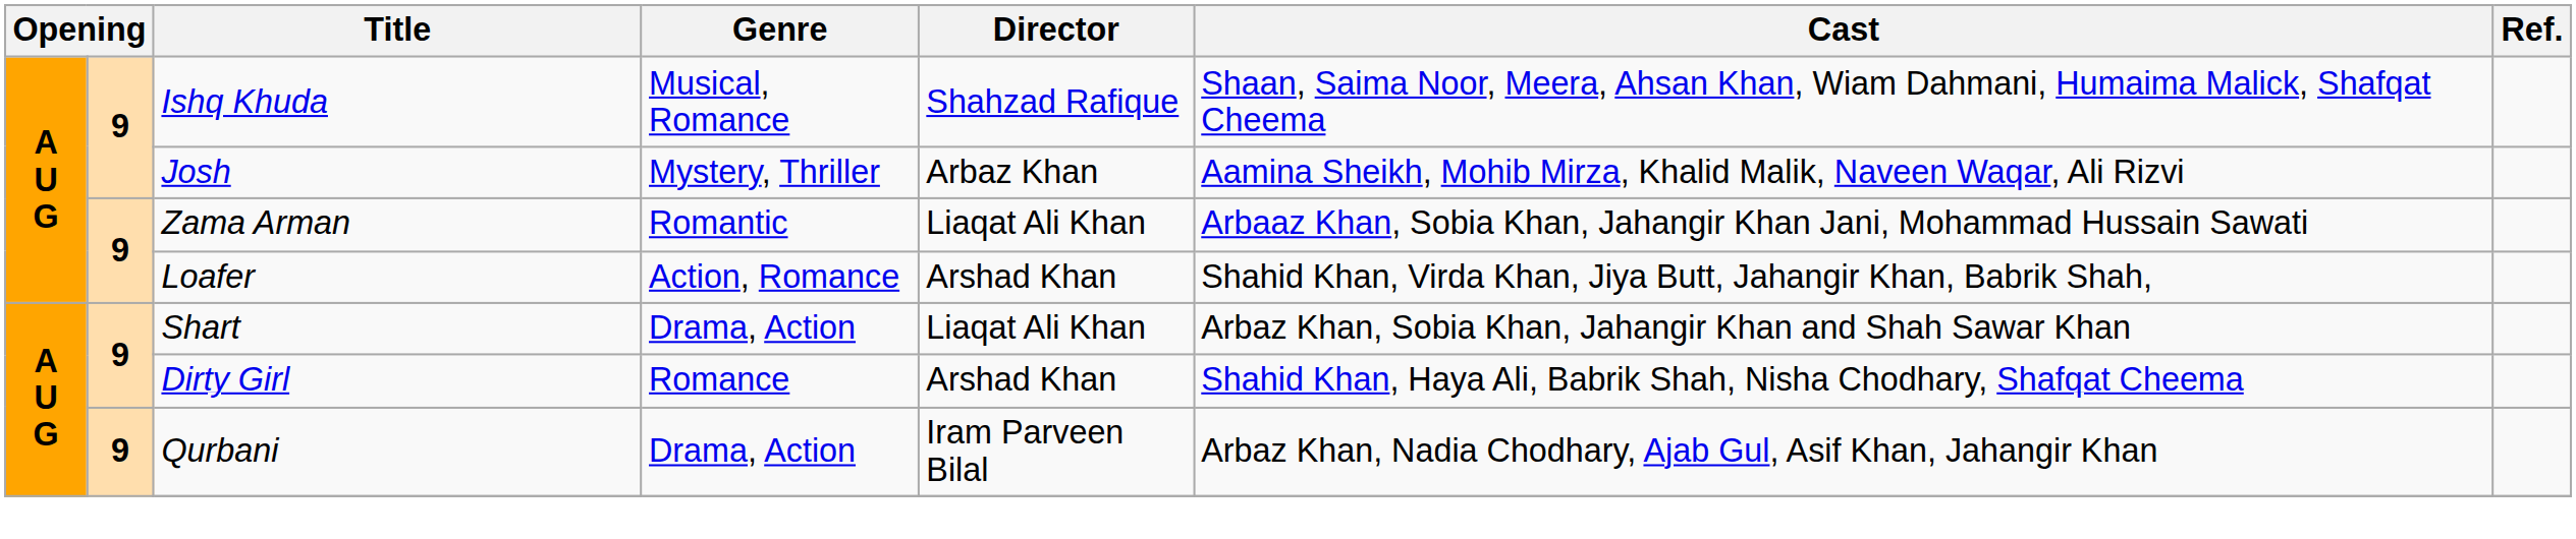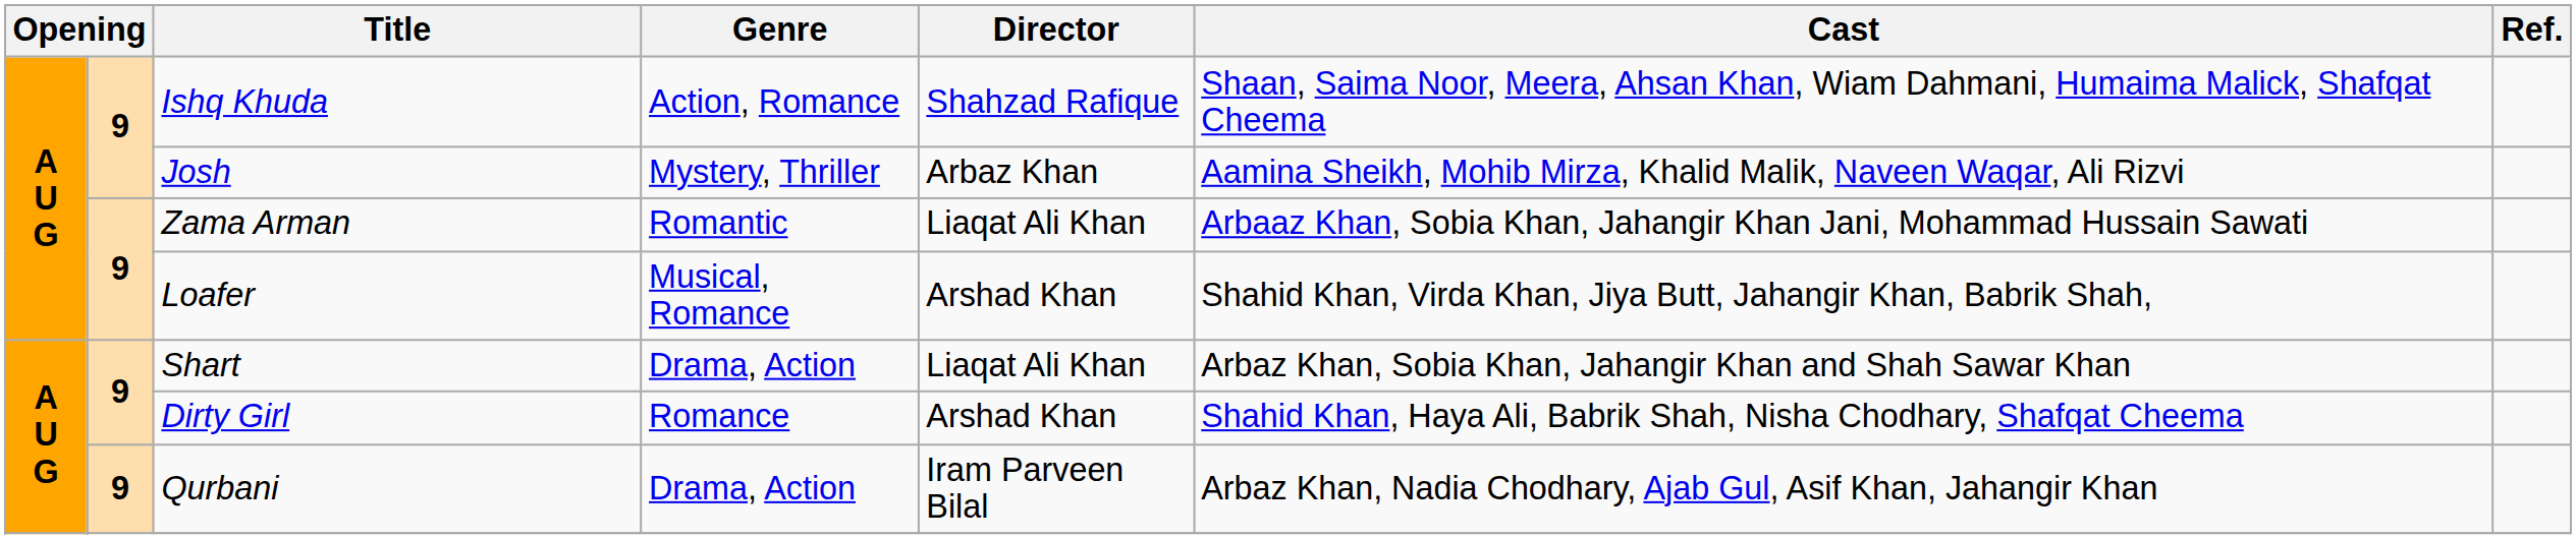 <table class="wikitable">
 <tr style="background:#b0e0e66; text-align:center;">
 <th colspan="2"><strong>Opening</strong></th>
 <th style="width:19%;"><strong>Title</strong></th>
 <th><strong>Genre</strong></th>
 <th><strong>Director</strong></th>
 <th><strong>Cast</strong></th>
 <th><strong>Ref.</strong></th>
 </tr>
 <tr>
 <td rowspan="4" style="text-align:center; background:orange;"><strong>A<br>U<br>G</strong></td>
 <td rowspan="2" style="text-align:center;background:#ffdead; textcolor:#000;"><strong>9</strong></td>
 <td><em><a href='#'>Ishq Khuda</a></em></td>
-<td><a href='#'>Musical</a>, <a href='#'>Romance</a></td>
+<td><a href='#'>Action</a>, <a href='#'>Romance</a></td>
 <td><a href='#'>Shahzad Rafique</a></td>
 <td><a href='#'>Shaan</a>, <a href='#'>Saima Noor</a>, <a href='#'>Meera</a>, <a href='#'>Ahsan Khan</a>, Wiam Dahmani, <a href='#'>Humaima Malick</a>, <a href='#'>Shafqat Cheema</a></td>
 <td></td>
 </tr>
 <tr>
 <td><a href='#'><em>Josh</em></a></td>
 <td><a href='#'>Mystery</a>, <a href='#'>Thriller</a></td>
 <td Arbaaz Khan (Pakistani actor)>Arbaz Khan</td>
 <td><a href='#'>Aamina Sheikh</a>, <a href='#'>Mohib Mirza</a>, Khalid Malik, <a href='#'>Naveen Waqar</a>, Ali Rizvi</td>
 <td></td>
 </tr>
 <tr>
 <td rowspan="2" style="text-align:center;background:#ffdead; textcolor:#000;"><strong>9</strong></td>
 <td><em>Zama Arman</em></td>
 <td><a href='#'>Romantic</a></td>
 <td>Liaqat Ali Khan</td>
 <td><a href='#'>Arbaaz Khan</a>, Sobia Khan, Jahangir Khan Jani, Mohammad Hussain Sawati</td>
 <td></td>
 </tr>
 <tr>
 <td><em>Loafer</em></td>
-<td><a href='#'>Action</a>, <a href='#'>Romance</a></td>
+<td><a href='#'>Musical</a>, <a href='#'>Romance</a></td>
 <td>Arshad Khan</td>
 <td>Shahid Khan, Virda Khan, Jiya Butt, Jahangir Khan, Babrik Shah,</td>
 <td></td>
 </tr>
 <tr>
 <td rowspan="4" style="text-align:center; background:orange;"><strong>A<br>U<br>G</strong></td>
 <td rowspan="2" style="text-align:center;background:#ffdead; textcolor:#000;"><strong>9</strong></td>
 <td><em>Shart</em></td>
 <td><a href='#'>Drama</a>, <a href='#'>Action</a></td>
 <td>Liaqat Ali Khan</td>
 <td>Arbaz Khan, Sobia Khan, Jahangir Khan and Shah Sawar Khan</td>
 <td></td>
 </tr>
 <tr>
 <td><a href='#'><em>Dirty Girl</em></a></td>
 <td><a href='#'>Romance</a></td>
 <td>Arshad Khan</td>
 <td><a href='#'>Shahid Khan</a>, Haya Ali, Babrik Shah, Nisha Chodhary, <a href='#'>Shafqat Cheema</a></td>
 <td></td>
 </tr>
 <tr>
 <td rowspan="2" style="text-align:center;background:#ffdead; textcolor:#000;"><strong>9</strong></td>
 <td><em>Qurbani</em></td>
 <td><a href='#'>Drama</a>, <a href='#'>Action</a></td>
 <td>Iram Parveen Bilal</td>
 <td>Arbaz Khan, Nadia Chodhary, <a href='#'>Ajab Gul</a>, Asif Khan, Jahangir Khan</td>
 <td></td>
 </tr>
 <tr>
 </tr>
 </table>
